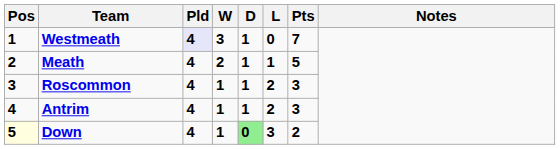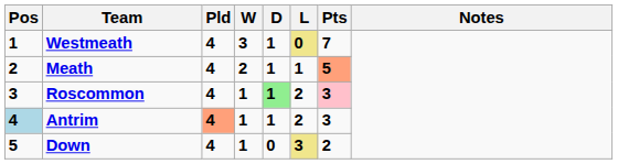 <table class="wikitable" style="text-align: centre;">
 <tr>
 <th width=20>Pos</th>
 <th width=150>Team</th>
 <th width=20>Pld</th>
 <th width=20>W</th>
 <th width=20>D</th>
 <th width=20>L</th>
 <th width=20>Pts</th>
 <th width=250>Notes</th>
 </tr>
 <tr style>
 <td><strong>1</strong></td>
 <td align=left><strong> <a href='#'>Westmeath</a> </strong></td>
-<td style="background: lavender;"><strong>4</strong></td>
+<td><strong>4</strong></td>
 <td><strong>3</strong></td>
 <td><strong>1</strong></td>
-<td><strong>0</strong></td>
+<td style="background: khaki;"><strong>0</strong></td>
 <td><strong>7</strong></td>
 </tr>
 <tr>
 <td><strong>2</strong></td>
 <td align=left><strong> <a href='#'>Meath</a> </strong></td>
 <td><strong>4</strong></td>
 <td><strong>2</strong></td>
 <td><strong>1</strong></td>
 <td><strong>1</strong></td>
-<td><strong>5</strong></td>
+<td style="background: lightsalmon;"><strong>5</strong></td>
 </tr>
 <tr>
 <td><strong>3</strong></td>
 <td align=left><strong> <a href='#'>Roscommon</a> </strong></td>
 <td><strong>4</strong></td>
 <td><strong>1</strong></td>
-<td><strong>1</strong></td>
+<td style="background: lightgreen;"><strong>1</strong></td>
 <td><strong>2</strong></td>
-<td><strong>3</strong></td>
+<td style="background: pink;"><strong>3</strong></td>
 </tr>
 <tr>
-<td><strong>4</strong></td>
+<td style="background: lightblue;"><strong>4</strong></td>
 <td align=left><strong> <a href='#'>Antrim</a> </strong></td>
-<td><strong>4</strong></td>
+<td style="background: lightsalmon;"><strong>4</strong></td>
 <td><strong>1</strong></td>
 <td><strong>1</strong></td>
 <td><strong>2</strong></td>
 <td><strong>3</strong></td>
 </tr>
 <tr>
-<td style="background: lightyellow;"><strong>5</strong></td>
+<td><strong>5</strong></td>
 <td align=left><strong> <a href='#'>Down</a> </strong></td>
 <td><strong>4</strong></td>
 <td><strong>1</strong></td>
-<td style="background: lightgreen;"><strong>0</strong></td>
-<td><strong>3</strong></td>
+<td><strong>0</strong></td>
+<td style="background: khaki;"><strong>3</strong></td>
 <td><strong>2</strong></td>
 </tr>
 </table>
